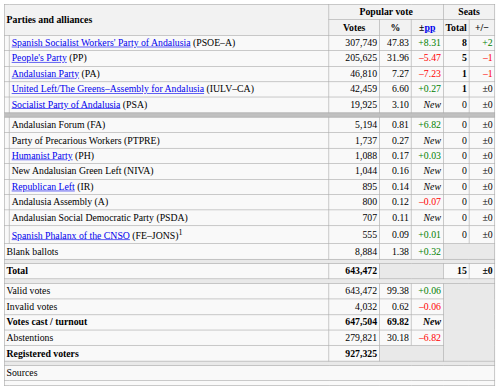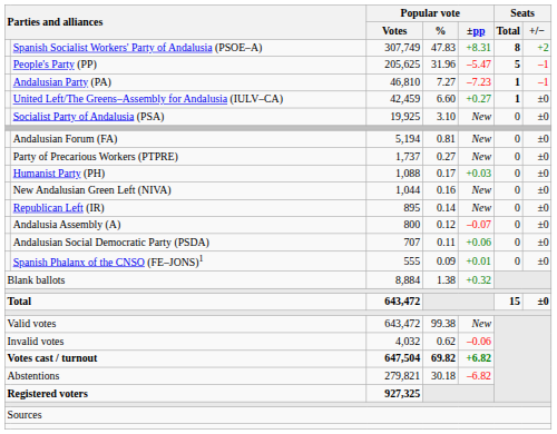 <table class="wikitable" style="text-align:right;">
 <tr>
 <th style="text-align:left;" rowspan="2" colspan="2" width="525">Parties and alliances</th>
 <th colspan="3">Popular vote</th>
 <th colspan="2">Seats</th>
 </tr>
 <tr>
 <th width="75">Votes</th>
 <th width="45">%</th>
 <th width="45">±<a href='#'>pp</a></th>
 <th width="35">Total</th>
 <th width="35">+/−</th>
 </tr>
 <tr>
 <td width="1" style="color:inherit;background:"></td>
 <td align="left"><a href='#'>Spanish Socialist Workers' Party of Andalusia</a> (PSOE–A)</td>
 <td>307,749</td>
 <td>47.83</td>
 <td style="color:green;">+8.31</td>
 <td><strong>8</strong></td>
 <td style="color:green;">+2</td>
 </tr>
 <tr>
 <td style="color:inherit;background:"></td>
 <td align="left"><a href='#'>People's Party</a> (PP)</td>
 <td>205,625</td>
 <td>31.96</td>
 <td style="color:red;">–5.47</td>
 <td><strong>5</strong></td>
 <td style="color:red;">–1</td>
 </tr>
 <tr>
 <td style="color:inherit;background:"></td>
 <td align="left"><a href='#'>Andalusian Party</a> (PA)</td>
 <td>46,810</td>
 <td>7.27</td>
 <td style="color:red;">–7.23</td>
 <td><strong>1</strong></td>
 <td style="color:red;">–1</td>
 </tr>
 <tr>
 <td style="color:inherit;background:"></td>
 <td align="left"><a href='#'>United Left/The Greens–Assembly for Andalusia</a> (IULV–CA)</td>
 <td>42,459</td>
 <td>6.60</td>
 <td style="color:green;">+0.27</td>
 <td><strong>1</strong></td>
 <td>±0</td>
 </tr>
 <tr>
 <td width="1" style="color:inherit;background:"></td>
 <td align="left"><a href='#'>Socialist Party of Andalusia</a> (PSA)</td>
 <td>19,925</td>
 <td>3.10</td>
 <td><em>New</em></td>
 <td>0</td>
 <td>±0</td>
 </tr>
 <tr>
 <td colspan="7" bgcolor="#C0C0C0"></td>
 </tr>
 <tr>
 <td style="color:inherit;background:"></td>
 <td align="left">Andalusian Forum (FA)</td>
 <td>5,194</td>
 <td>0.81</td>
-<td style="color:green;">+6.82</td>
+<td><em>New</em></td>
 <td>0</td>
 <td>±0</td>
 </tr>
 <tr>
 <td style="color:inherit;background:"></td>
 <td align="left">Party of Precarious Workers (PTPRE)</td>
 <td>1,737</td>
 <td>0.27</td>
 <td><em>New</em></td>
 <td>0</td>
 <td>±0</td>
 </tr>
 <tr>
 <td style="color:inherit;background:"></td>
 <td align="left"><a href='#'>Humanist Party</a> (PH)</td>
 <td>1,088</td>
 <td>0.17</td>
 <td style="color:green;">+0.03</td>
 <td>0</td>
 <td>±0</td>
 </tr>
 <tr>
 <td style="color:inherit;background:"></td>
 <td align="left">New Andalusian Green Left (NIVA)</td>
 <td>1,044</td>
 <td>0.16</td>
 <td><em>New</em></td>
 <td>0</td>
 <td>±0</td>
 </tr>
 <tr>
 <td style="color:inherit;background:"></td>
 <td align="left"><a href='#'>Republican Left</a> (IR)</td>
 <td>895</td>
 <td>0.14</td>
 <td><em>New</em></td>
 <td>0</td>
 <td>±0</td>
 </tr>
 <tr>
 <td style="color:inherit;background:"></td>
 <td align="left">Andalusia Assembly (A)</td>
 <td>800</td>
 <td>0.12</td>
 <td style="color:red;">–0.07</td>
 <td>0</td>
 <td>±0</td>
 </tr>
 <tr>
 <td style="color:inherit;background:"></td>
 <td align="left">Andalusian Social Democratic Party (PSDA)</td>
 <td>707</td>
 <td>0.11</td>
-<td><em>New</em></td>
+<td style="color:green;">+0.06</td>
 <td>0</td>
 <td>±0</td>
 </tr>
 <tr>
 <td style="color:inherit;background:"></td>
 <td align="left"><a href='#'>Spanish Phalanx of the CNSO</a> (FE–JONS)<sup>1</sup></td>
 <td>555</td>
 <td>0.09</td>
 <td style="color:green;">+0.01</td>
 <td>0</td>
 <td>±0</td>
 </tr>
 <tr>
 <td align="left" colspan="2">Blank ballots</td>
 <td>8,884</td>
 <td>1.38</td>
 <td style="color:green;">+0.32</td>
 <td bgcolor="#E9E9E9" colspan="2"></td>
 </tr>
 <tr>
 <td colspan="7" bgcolor="#E9E9E9"></td>
 </tr>
 <tr style="font-weight:bold;">
 <td align="left" colspan="2">Total</td>
 <td>643,472</td>
 <td bgcolor="#E9E9E9" colspan="2"></td>
 <td>15</td>
 <td>±0</td>
 </tr>
 <tr>
 <td colspan="7" bgcolor="#E9E9E9"></td>
 </tr>
 <tr>
 <td align="left" colspan="2">Valid votes</td>
 <td>643,472</td>
 <td>99.38</td>
-<td style="color:green;">+0.06</td>
+<td><em>New</em></td>
 <td bgcolor="#E9E9E9" colspan="2" rowspan="5"></td>
 </tr>
 <tr>
 <td align="left" colspan="2">Invalid votes</td>
 <td>4,032</td>
 <td>0.62</td>
 <td style="color:red;">–0.06</td>
 </tr>
 <tr style="font-weight:bold;">
 <td align="left" colspan="2">Votes cast / turnout</td>
 <td>647,504</td>
 <td>69.82</td>
-<td><em>New</em></td>
+<td style="color:green;">+6.82</td>
 </tr>
 <tr>
 <td align="left" colspan="2">Abstentions</td>
 <td>279,821</td>
 <td>30.18</td>
 <td style="color:red;">–6.82</td>
 </tr>
 <tr style="font-weight:bold;">
 <td align="left" colspan="2">Registered voters</td>
 <td>927,325</td>
 <td bgcolor="#E9E9E9" colspan="2"></td>
 </tr>
 <tr>
 <td colspan="7" bgcolor="#E9E9E9"></td>
 </tr>
 <tr>
 <td align="left" colspan="7">Sources</td>
 </tr>
 <tr>
 <td colspan="7" style="text-align:left; max-width:790px;"></td>
 </tr>
 </table>
